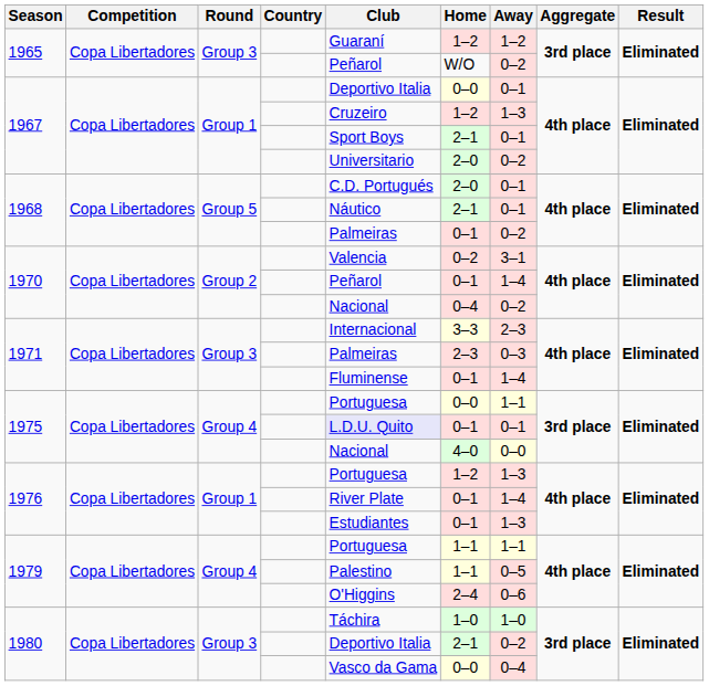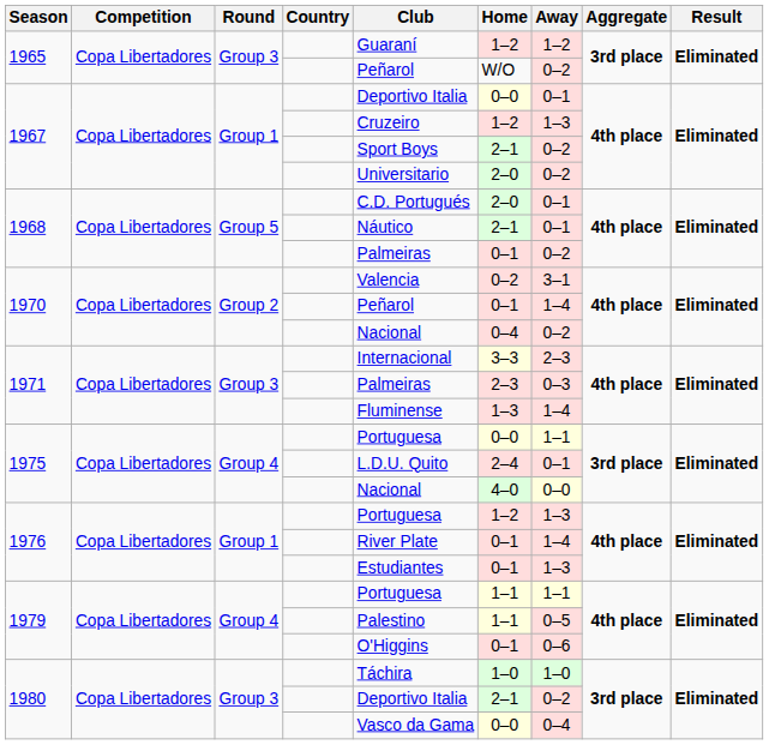 <table class="wikitable">
 <tr>
 <th>Season</th>
 <th>Competition</th>
 <th>Round</th>
 <th>Country</th>
 <th>Club</th>
 <th>Home</th>
 <th>Away</th>
 <th>Aggregate</th>
 <th>Result</th>
 </tr>
 <tr>
 <td rowspan="2"><a href='#'>1965</a></td>
 <td rowspan="2"><a href='#'>Copa Libertadores</a></td>
 <td rowspan="2"><a href='#'>Group 3</a></td>
 <td></td>
 <td><a href='#'>Guaraní</a></td>
 <td bgcolor="#ffdddd" style="text-align: center;">1–2</td>
 <td bgcolor="#ffdddd" style="text-align: center;">1–2</td>
 <td rowspan="2" align="center"><strong>3rd place</strong></td>
 <td rowspan="2" align="center"><strong>Eliminated</strong></td>
 </tr>
 <tr>
 <td></td>
 <td><a href='#'>Peñarol</a></td>
 <td>W/O </td>
 <td bgcolor="#ffdddd" style="text-align: center;">0–2</td>
 </tr>
 <tr>
 <td rowspan="4"><a href='#'>1967</a></td>
 <td rowspan="4"><a href='#'>Copa Libertadores</a></td>
 <td rowspan="4"><a href='#'>Group 1</a></td>
 <td></td>
 <td><a href='#'>Deportivo Italia</a></td>
 <td bgcolor="#ffffdd" style="text-align: center;">0–0</td>
 <td bgcolor="#ffdddd" style="text-align: center;">0–1</td>
 <td rowspan="4" align="center"><strong>4th place</strong></td>
 <td rowspan="4" align="center"><strong>Eliminated</strong></td>
 </tr>
 <tr>
 <td></td>
 <td><a href='#'>Cruzeiro</a></td>
 <td bgcolor="#ffdddd" style="text-align: center;">1–2</td>
 <td bgcolor="#ffdddd" style="text-align: center;">1–3</td>
 </tr>
 <tr>
 <td></td>
 <td><a href='#'>Sport Boys</a></td>
 <td bgcolor="#ddffdd" style="text-align: center;">2–1</td>
-<td bgcolor="#ffdddd" style="text-align: center;">0–1</td>
+<td bgcolor="#ffdddd" style="text-align: center;">0–2</td>
 </tr>
 <tr>
 <td></td>
 <td><a href='#'>Universitario</a></td>
 <td bgcolor="#ddffdd" style="text-align: center;">2–0</td>
 <td bgcolor="#ffdddd" style="text-align: center;">0–2</td>
 </tr>
 <tr>
 <td rowspan="3"><a href='#'>1968</a></td>
 <td rowspan="3"><a href='#'>Copa Libertadores</a></td>
 <td rowspan="3"><a href='#'>Group 5</a></td>
 <td></td>
 <td><a href='#'>C.D. Portugués</a></td>
 <td bgcolor="#ddffdd" style="text-align: center;">2–0</td>
 <td bgcolor="#ffdddd" style="text-align: center;">0–1</td>
 <td rowspan="3" align="center"><strong>4th place</strong></td>
 <td rowspan="3" align="center"><strong>Eliminated</strong></td>
 </tr>
 <tr>
 <td></td>
 <td><a href='#'>Náutico</a></td>
 <td bgcolor="#ddffdd" style="text-align: center;">2–1</td>
 <td bgcolor="#ffdddd" style="text-align: center;">0–1</td>
 </tr>
 <tr>
 <td></td>
 <td><a href='#'>Palmeiras</a></td>
 <td bgcolor="#ffdddd" style="text-align: center;">0–1</td>
 <td bgcolor="#ffdddd" style="text-align: center;">0–2</td>
 </tr>
 <tr>
 <td rowspan="3"><a href='#'>1970</a></td>
 <td rowspan="3"><a href='#'>Copa Libertadores</a></td>
 <td rowspan="3"><a href='#'>Group 2</a></td>
 <td></td>
 <td><a href='#'>Valencia</a></td>
 <td bgcolor="#ffdddd" style="text-align: center;">0–2</td>
 <td bgcolor="#ffdddd" style="text-align: center;">3–1</td>
 <td rowspan="3" align="center"><strong>4th place</strong></td>
 <td rowspan="3" align="center"><strong>Eliminated</strong></td>
 </tr>
 <tr>
 <td></td>
 <td><a href='#'>Peñarol</a></td>
 <td bgcolor="#ffdddd" style="text-align: center;">0–1</td>
 <td bgcolor="#ffdddd" style="text-align: center;">1–4</td>
 </tr>
 <tr>
 <td></td>
 <td><a href='#'>Nacional</a></td>
 <td bgcolor="#ffdddd" style="text-align: center;">0–4</td>
 <td bgcolor="#ffdddd" style="text-align: center;">0–2</td>
 </tr>
 <tr>
 <td rowspan="3"><a href='#'>1971</a></td>
 <td rowspan="3"><a href='#'>Copa Libertadores</a></td>
 <td rowspan="3"><a href='#'>Group 3</a></td>
 <td></td>
 <td><a href='#'>Internacional</a></td>
 <td bgcolor="#ffffdd" style="text-align: center;">3–3</td>
 <td bgcolor="#ffdddd" style="text-align: center;">2–3</td>
 <td rowspan="3" align="center"><strong>4th place</strong></td>
 <td rowspan="3" align="center"><strong>Eliminated</strong></td>
 </tr>
 <tr>
 <td></td>
 <td><a href='#'>Palmeiras</a></td>
 <td bgcolor="#ffdddd" style="text-align: center;">2–3</td>
 <td bgcolor="#ffdddd" style="text-align: center;">0–3</td>
 </tr>
 <tr>
 <td></td>
 <td><a href='#'>Fluminense</a></td>
-<td bgcolor="#ffdddd" style="text-align: center;">0–1</td>
+<td bgcolor="#ffdddd" style="text-align: center;">1–3</td>
 <td bgcolor="#ffdddd" style="text-align: center;">1–4</td>
 </tr>
 <tr>
 <td rowspan="3"><a href='#'>1975</a></td>
 <td rowspan="3"><a href='#'>Copa Libertadores</a></td>
 <td rowspan="3"><a href='#'>Group 4</a></td>
 <td></td>
 <td><a href='#'>Portuguesa</a></td>
 <td bgcolor="#ffffdd" style="text-align: center;">0–0</td>
 <td bgcolor="#ffffdd" style="text-align: center;">1–1</td>
 <td rowspan="3" align="center"><strong>3rd place</strong></td>
 <td rowspan="3" align="center"><strong>Eliminated</strong></td>
 </tr>
 <tr>
 <td></td>
-<td style="background: lavender;"><a href='#'>L.D.U. Quito</a></td>
-<td bgcolor="#ffdddd" style="text-align: center;">0–1</td>
+<td><a href='#'>L.D.U. Quito</a></td>
+<td bgcolor="#ffdddd" style="text-align: center;">2–4</td>
 <td bgcolor="#ffdddd" style="text-align: center;">0–1</td>
 </tr>
 <tr>
 <td></td>
 <td><a href='#'>Nacional</a></td>
 <td bgcolor="#ddffdd" style="text-align: center;">4–0</td>
 <td bgcolor="#ffffdd" style="text-align: center;">0–0</td>
 </tr>
 <tr>
 <td rowspan="3"><a href='#'>1976</a></td>
 <td rowspan="3"><a href='#'>Copa Libertadores</a></td>
 <td rowspan="3"><a href='#'>Group 1</a></td>
 <td></td>
 <td><a href='#'>Portuguesa</a></td>
 <td bgcolor="#ffdddd" style="text-align: center;">1–2</td>
 <td bgcolor="#ffdddd" style="text-align: center;">1–3</td>
 <td rowspan="3" align="center"><strong>4th place</strong></td>
 <td rowspan="3" align="center"><strong>Eliminated</strong></td>
 </tr>
 <tr>
 <td></td>
 <td><a href='#'>River Plate</a></td>
 <td bgcolor="#ffdddd" style="text-align: center;">0–1</td>
 <td bgcolor="#ffdddd" style="text-align: center;">1–4</td>
 </tr>
 <tr>
 <td></td>
 <td><a href='#'>Estudiantes</a></td>
 <td bgcolor="#ffdddd" style="text-align: center;">0–1</td>
 <td bgcolor="#ffdddd" style="text-align: center;">1–3</td>
 </tr>
 <tr>
 <td rowspan="3"><a href='#'>1979</a></td>
 <td rowspan="3"><a href='#'>Copa Libertadores</a></td>
 <td rowspan="3"><a href='#'>Group 4</a></td>
 <td></td>
 <td><a href='#'>Portuguesa</a></td>
 <td bgcolor="#ffffdd" style="text-align: center;">1–1</td>
 <td bgcolor="#ffffdd" style="text-align: center;">1–1</td>
 <td rowspan="3" align="center"><strong>4th place</strong></td>
 <td rowspan="3" align="center"><strong>Eliminated</strong></td>
 </tr>
 <tr>
 <td></td>
 <td><a href='#'>Palestino</a></td>
 <td bgcolor="#ffffdd" style="text-align: center;">1–1</td>
 <td bgcolor="#ffdddd" style="text-align: center;">0–5</td>
 </tr>
 <tr>
 <td></td>
 <td><a href='#'>O'Higgins</a></td>
-<td bgcolor="#ffdddd" style="text-align: center;">2–4</td>
+<td bgcolor="#ffdddd" style="text-align: center;">0–1</td>
 <td bgcolor="#ffdddd" style="text-align: center;">0–6</td>
 </tr>
 <tr>
 <td rowspan="3"><a href='#'>1980</a></td>
 <td rowspan="3"><a href='#'>Copa Libertadores</a></td>
 <td rowspan="3"><a href='#'>Group 3</a></td>
 <td></td>
 <td><a href='#'>Táchira</a></td>
 <td bgcolor="#ddffdd" style="text-align: center;">1–0</td>
 <td bgcolor="#ddffdd" style="text-align: center;">1–0</td>
 <td rowspan="3" align="center"><strong>3rd place</strong></td>
 <td rowspan="3" align="center"><strong>Eliminated</strong></td>
 </tr>
 <tr>
 <td></td>
 <td><a href='#'>Deportivo Italia</a></td>
 <td bgcolor="#ddffdd" style="text-align: center;">2–1</td>
 <td bgcolor="#ffdddd" style="text-align: center;">0–2</td>
 </tr>
 <tr>
 <td></td>
 <td><a href='#'>Vasco da Gama</a></td>
 <td bgcolor="#ffffdd" style="text-align: center;">0–0</td>
 <td bgcolor="#ffdddd" style="text-align: center;">0–4</td>
 </tr>
 </table>
